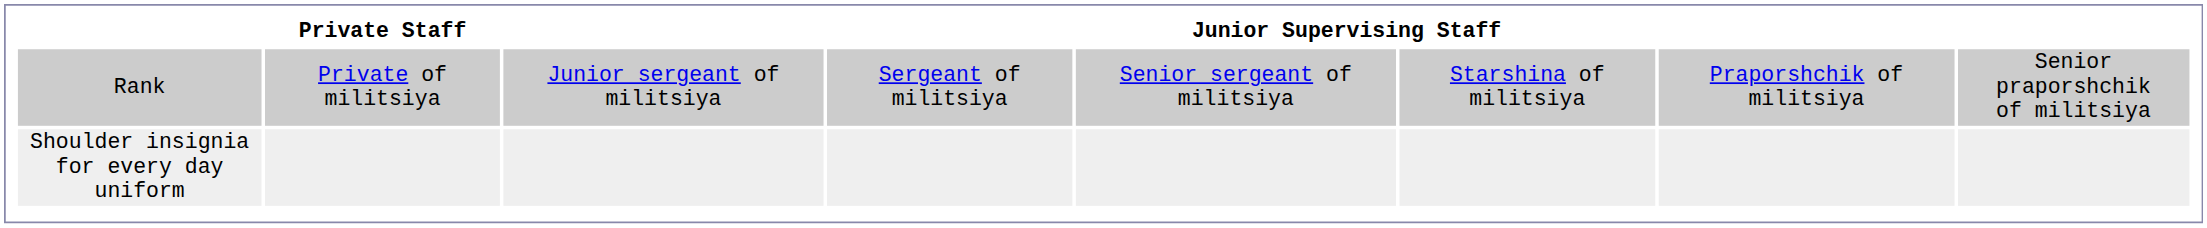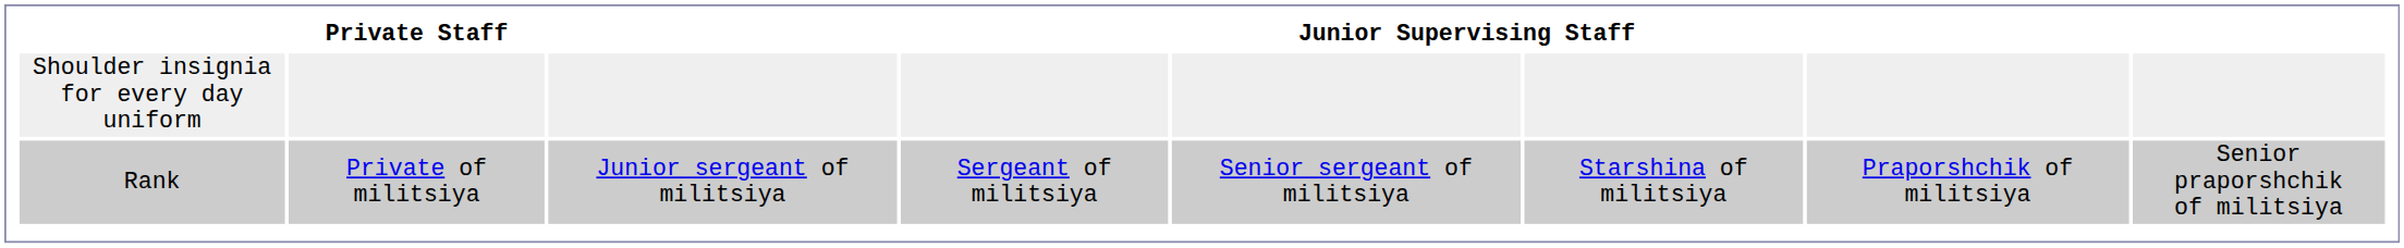 <table width="100%" style="border:1px solid #8888aa; background-color:white; padding:5px; font-size:95%; margin: 0px 12px 12px 0px; text-align:center;">
 <tr>
 <th></th>
 <th>Private Staff</th>
 <th colspan="6">Junior Supervising Staff</th>
+</tr>
+<tr style="background:#efefef;">
+<td>Shoulder insignia<br>for every day uniform</td>
+<td></td>
+<td></td>
+<td></td>
+<td></td>
+<td></td>
+<td></td>
+<td></td>
 </tr>
 <tr style="background:#cccccc;">
 <td>Rank</td>
 <td><a href='#'>Private</a> of militsiya</td>
 <td><a href='#'>Junior sergeant</a> of militsiya</td>
 <td><a href='#'>Sergeant</a> of militsiya</td>
 <td><a href='#'>Senior sergeant</a> of militsiya</td>
 <td><a href='#'>Starshina</a> of militsiya</td>
 <td><a href='#'>Praporshchik</a> of militsiya</td>
 <td>Senior praporshchik<br>of militsiya</td>
 </tr>
-<tr style="background:#efefef;">
-<td>Shoulder insignia<br>for every day uniform</td>
-<td></td>
-<td></td>
-<td></td>
-<td></td>
-<td></td>
-<td></td>
-<td></td>
-</tr>
 <tr>
 </tr>
 </table>
